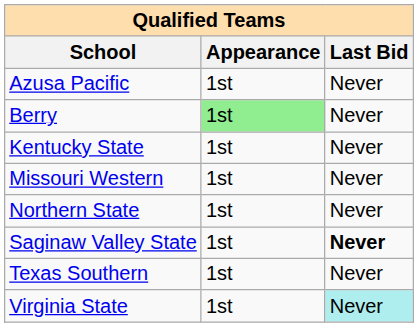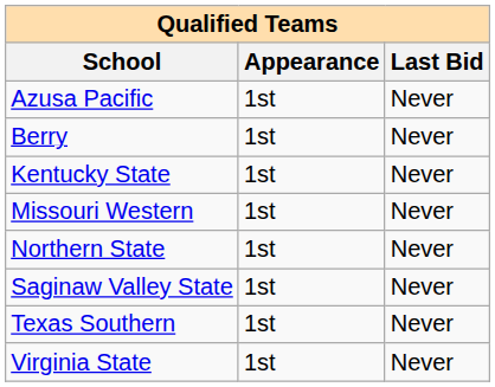 <table class="wikitable">
 <tr>
 <th colspan="5" style="background:#ffdead;">Qualified Teams</th>
 </tr>
 <tr>
 <th>School</th>
 <th>Appearance</th>
 <th>Last Bid</th>
 </tr>
 <tr>
 <td><a href='#'>Azusa Pacific</a></td>
 <td>1st</td>
 <td>Never</td>
 </tr>
 <tr>
 <td><a href='#'>Berry</a></td>
-<td style="background: lightgreen;">1st</td>
+<td>1st</td>
 <td>Never</td>
 </tr>
 <tr>
 <td><a href='#'>Kentucky State</a></td>
 <td>1st</td>
 <td>Never</td>
 </tr>
 <tr>
 <td><a href='#'>Missouri Western</a></td>
 <td>1st</td>
 <td>Never</td>
 </tr>
 <tr>
 <td><a href='#'>Northern State</a></td>
 <td>1st</td>
 <td>Never</td>
 </tr>
 <tr>
 <td><a href='#'>Saginaw Valley State</a></td>
 <td>1st</td>
-<td><strong>Never</strong></td>
+<td>Never</td>
 </tr>
 <tr>
 <td><a href='#'>Texas Southern</a></td>
 <td>1st</td>
 <td>Never</td>
 </tr>
 <tr>
 <td><a href='#'>Virginia State</a></td>
 <td>1st</td>
-<td style="background: paleturquoise;">Never</td>
+<td>Never</td>
 </tr>
 </table>
